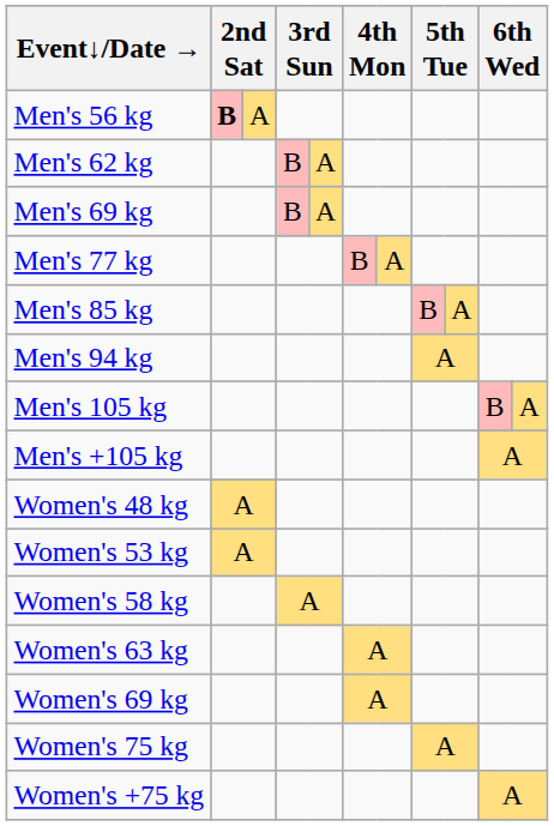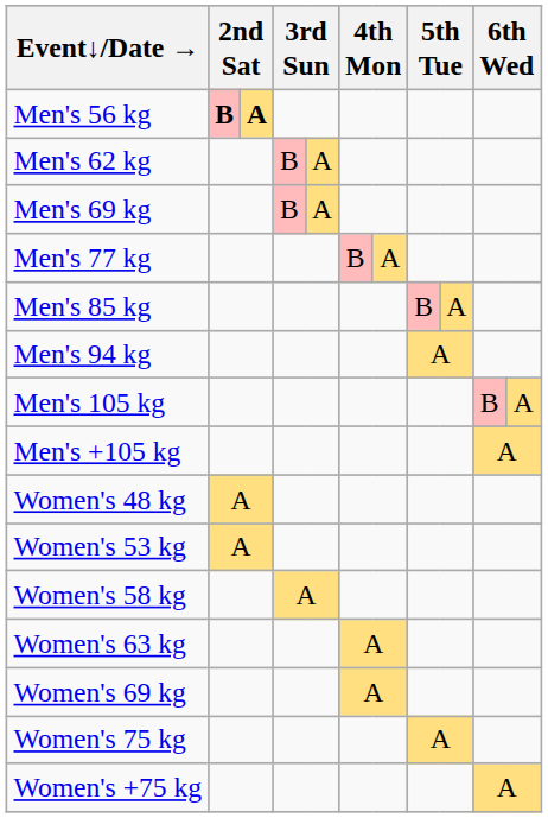 <table class="wikitable" style="margin:0.5em auto; font-size:90%; line-height:1.25em; text-align:center;">
 <tr>
 <th>Event↓/Date →</th>
 <th colspan=2>2nd<br>Sat</th>
 <th colspan=2>3rd<br>Sun</th>
 <th colspan=2>4th<br>Mon</th>
 <th colspan=2>5th<br>Tue</th>
 <th colspan=2>6th<br>Wed</th>
 </tr>
 <tr>
 <td align="left"><a href='#'>Men's 56 kg</a></td>
 <td bgcolor="#FFBBBB"><strong>B</strong></td>
-<td bgcolor="#FFDF80">A</td>
+<td bgcolor="#FFDF80"><strong>A</strong></td>
 <td colspan=2></td>
 <td colspan=2></td>
 <td colspan=2></td>
 <td colspan=2></td>
 </tr>
 <tr>
 <td align="left"><a href='#'>Men's 62 kg</a></td>
 <td colspan=2></td>
 <td bgcolor="#FFBBBB">B</td>
 <td bgcolor="#FFDF80">A</td>
 <td colspan=2></td>
 <td colspan=2></td>
 <td colspan=2></td>
 </tr>
 <tr>
 <td align="left"><a href='#'>Men's 69 kg</a></td>
 <td colspan=2></td>
 <td bgcolor="#FFBBBB">B</td>
 <td bgcolor="#FFDF80">A</td>
 <td colspan=2></td>
 <td colspan=2></td>
 <td colspan=2></td>
 </tr>
 <tr>
 <td align="left"><a href='#'>Men's 77 kg</a></td>
 <td colspan=2></td>
 <td colspan=2></td>
 <td bgcolor="#FFBBBB">B</td>
 <td bgcolor="#FFDF80">A</td>
 <td colspan=2></td>
 <td colspan=2></td>
 </tr>
 <tr>
 <td align="left"><a href='#'>Men's 85 kg</a></td>
 <td colspan=2></td>
 <td colspan=2></td>
 <td colspan=2></td>
 <td bgcolor="#FFBBBB">B</td>
 <td bgcolor="#FFDF80">A</td>
 <td colspan=2></td>
 </tr>
 <tr>
 <td align="left"><a href='#'>Men's 94 kg</a></td>
 <td colspan=2></td>
 <td colspan=2></td>
 <td colspan=2></td>
 <td colspan=2 bgcolor="#FFDF80">A</td>
 <td colspan=2></td>
 </tr>
 <tr>
 <td align="left"><a href='#'>Men's 105 kg</a></td>
 <td colspan=2></td>
 <td colspan=2></td>
 <td colspan=2></td>
 <td colspan=2></td>
 <td bgcolor="#FFBBBB">B</td>
 <td bgcolor="#FFDF80">A</td>
 </tr>
 <tr>
 <td align="left"><a href='#'>Men's +105 kg</a></td>
 <td colspan=2></td>
 <td colspan=2></td>
 <td colspan=2></td>
 <td colspan=2></td>
 <td colspan=2 bgcolor="#FFDF80">A</td>
 </tr>
 <tr>
 <td align="left"><a href='#'>Women's 48 kg</a></td>
 <td colspan=2 bgcolor="#FFDF80">A</td>
 <td colspan=2></td>
 <td colspan=2></td>
 <td colspan=2></td>
 <td colspan=2></td>
 </tr>
 <tr>
 <td align="left"><a href='#'>Women's 53 kg</a></td>
 <td colspan=2 bgcolor="#FFDF80">A</td>
 <td colspan=2></td>
 <td colspan=2></td>
 <td colspan=2></td>
 <td colspan=2></td>
 </tr>
 <tr>
 <td align="left"><a href='#'>Women's 58 kg</a></td>
 <td colspan=2></td>
 <td colspan=2 bgcolor="#FFDF80">A</td>
 <td colspan=2></td>
 <td colspan=2></td>
 <td colspan=2></td>
 </tr>
 <tr>
 <td align="left"><a href='#'>Women's 63 kg</a></td>
 <td colspan=2></td>
 <td colspan=2></td>
 <td colspan=2 bgcolor="#FFDF80">A</td>
 <td colspan=2></td>
 <td colspan=2></td>
 </tr>
 <tr>
 <td align="left"><a href='#'>Women's 69 kg</a></td>
 <td colspan=2></td>
 <td colspan=2></td>
 <td colspan=2 bgcolor="#FFDF80">A</td>
 <td colspan=2></td>
 <td colspan=2></td>
 </tr>
 <tr>
 <td align="left"><a href='#'>Women's 75 kg</a></td>
 <td colspan=2></td>
 <td colspan=2></td>
 <td colspan=2></td>
 <td colspan=2 bgcolor="#FFDF80">A</td>
 <td colspan=2></td>
 </tr>
 <tr>
 <td align="left"><a href='#'>Women's +75 kg</a></td>
 <td colspan=2></td>
 <td colspan=2></td>
 <td colspan=2></td>
 <td colspan=2></td>
 <td colspan=2 bgcolor="#FFDF80">A</td>
 </tr>
 </table>
